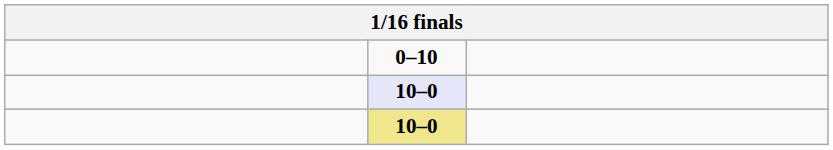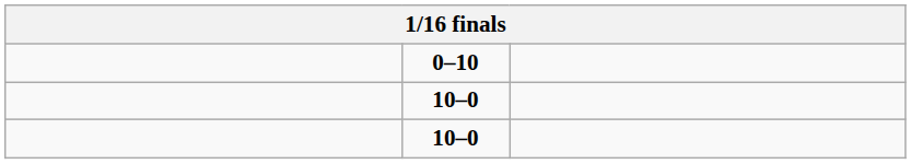 <table class="wikitable" style="text-align: center; font-size:90% ">
 <tr>
 <th colspan=3>1/16 finals</th>
 </tr>
 <tr>
 <td align=left width="240"></td>
 <td align=center width="60"><strong>0–10</strong></td>
 <td align=left width="240"><strong></strong></td>
 </tr>
 <tr>
 <td align=left><strong></strong></td>
-<td align=center style="background: lavender;"><strong>10–0</strong></td>
+<td align=center><strong>10–0</strong></td>
 <td align=left></td>
 </tr>
 <tr>
 <td align=left><strong></strong></td>
-<td align=center style="background: khaki;"><strong>10–0</strong></td>
+<td align=center><strong>10–0</strong></td>
 <td align=left></td>
 </tr>
 </table>
